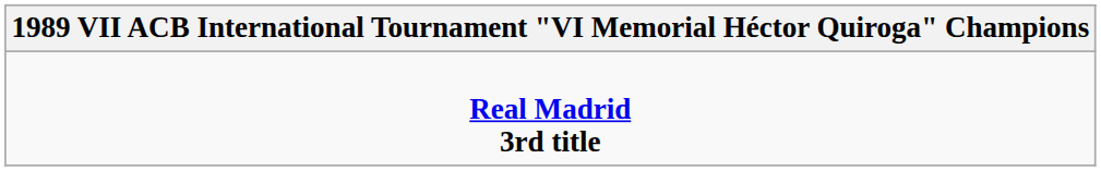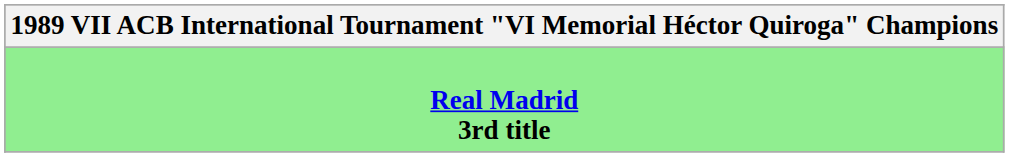 <table class=wikitable style="text-align:center; margin:auto">
 <tr>
 <th>1989 VII ACB International Tournament "VI Memorial Héctor Quiroga" Champions</th>
 </tr>
 <tr>
-<td><br> <strong><a href='#'>Real Madrid</a></strong> <br> <strong>3rd title</strong></td>
+<td style="background: lightgreen;"><br> <strong><a href='#'>Real Madrid</a></strong> <br> <strong>3rd title</strong></td>
 </tr>
 </table>
